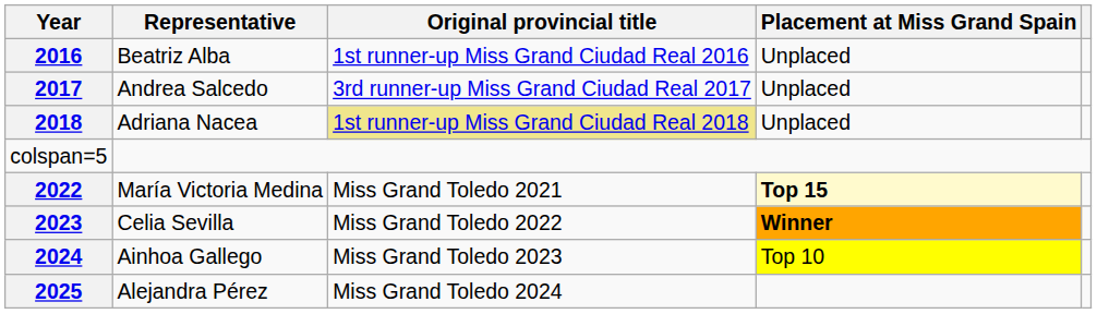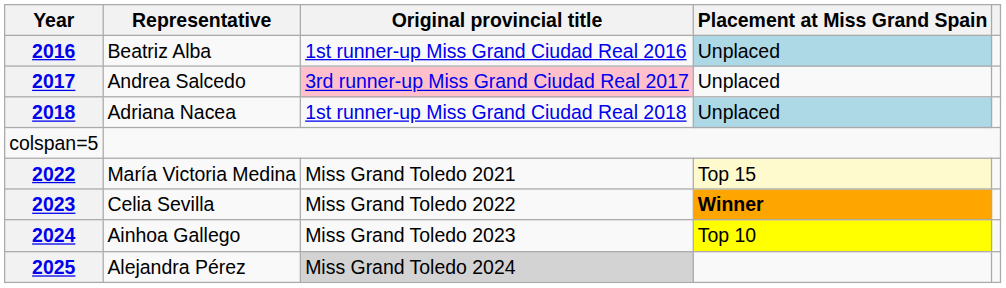 <table class="wikitable defaultcenter col2left" style="font-size:95%;">
 <tr>
 <th>Year</th>
 <th>Representative</th>
 <th>Original provincial title</th>
 <th>Placement at Miss Grand Spain</th>
 <th></th>
 </tr>
 <tr>
 <th><a href='#'>2016</a></th>
 <td>Beatriz Alba</td>
 <td><a href='#'>1st runner-up Miss Grand Ciudad Real 2016</a></td>
-<td>Unplaced</td>
+<td style="background: lightblue;">Unplaced</td>
 <td></td>
 </tr>
 <tr>
 <th><a href='#'>2017</a></th>
 <td>Andrea Salcedo</td>
-<td><a href='#'>3rd runner-up Miss Grand Ciudad Real 2017</a></td>
+<td style="background: pink;"><a href='#'>3rd runner-up Miss Grand Ciudad Real 2017</a></td>
 <td>Unplaced</td>
 <td></td>
 </tr>
 <tr>
 <th><a href='#'>2018</a></th>
 <td>Adriana Nacea</td>
-<td style="background: khaki;"><a href='#'>1st runner-up Miss Grand Ciudad Real 2018</a></td>
-<td>Unplaced</td>
+<td><a href='#'>1st runner-up Miss Grand Ciudad Real 2018</a></td>
+<td style="background: lightblue;">Unplaced</td>
 <td></td>
 </tr>
 <tr>
 <td>colspan=5 </td>
 </tr>
 <tr>
 <th><a href='#'>2022</a></th>
 <td>María Victoria Medina</td>
 <td>Miss Grand Toledo 2021</td>
-<td bgcolor=#FFFACD><strong>Top 15</strong></td>
+<td bgcolor=#FFFACD>Top 15</td>
 <td></td>
 </tr>
 <tr>
 <th><a href='#'>2023</a></th>
 <td>Celia Sevilla</td>
 <td>Miss Grand Toledo 2022</td>
 <td bgcolor=orange><strong>Winner</strong></td>
 <td></td>
 </tr>
 <tr>
 <th><a href='#'>2024</a></th>
 <td>Ainhoa Gallego</td>
 <td>Miss Grand Toledo 2023</td>
 <td bgcolor=yellow>Top 10</td>
 <td></td>
 </tr>
 <tr>
 <th><a href='#'>2025</a></th>
 <td>Alejandra Pérez</td>
-<td>Miss Grand Toledo 2024</td>
+<td style="background: lightgrey;">Miss Grand Toledo 2024</td>
 <td></td>
 </tr>
 </table>
